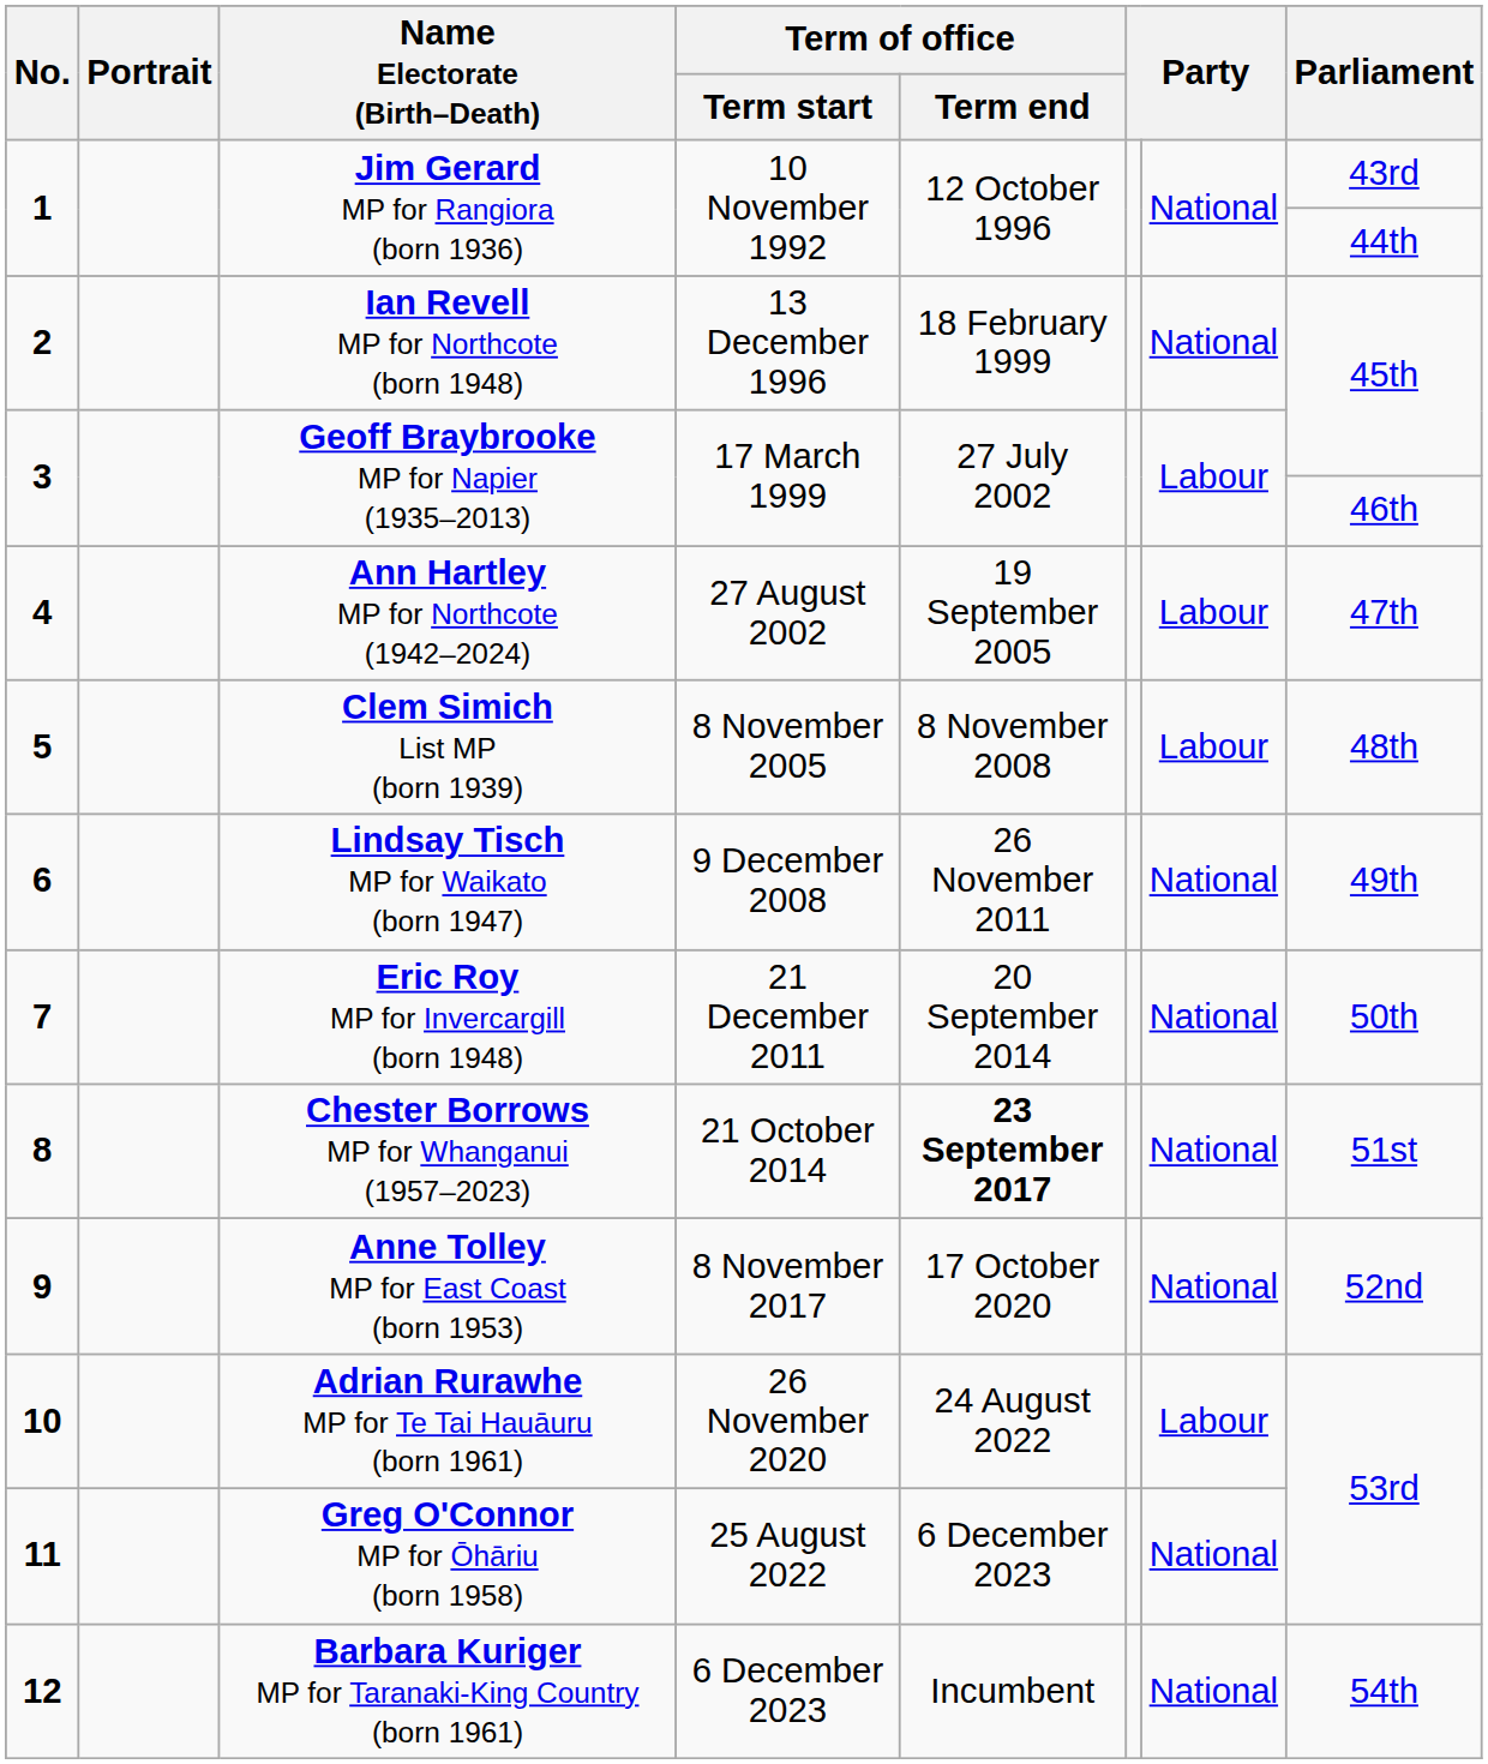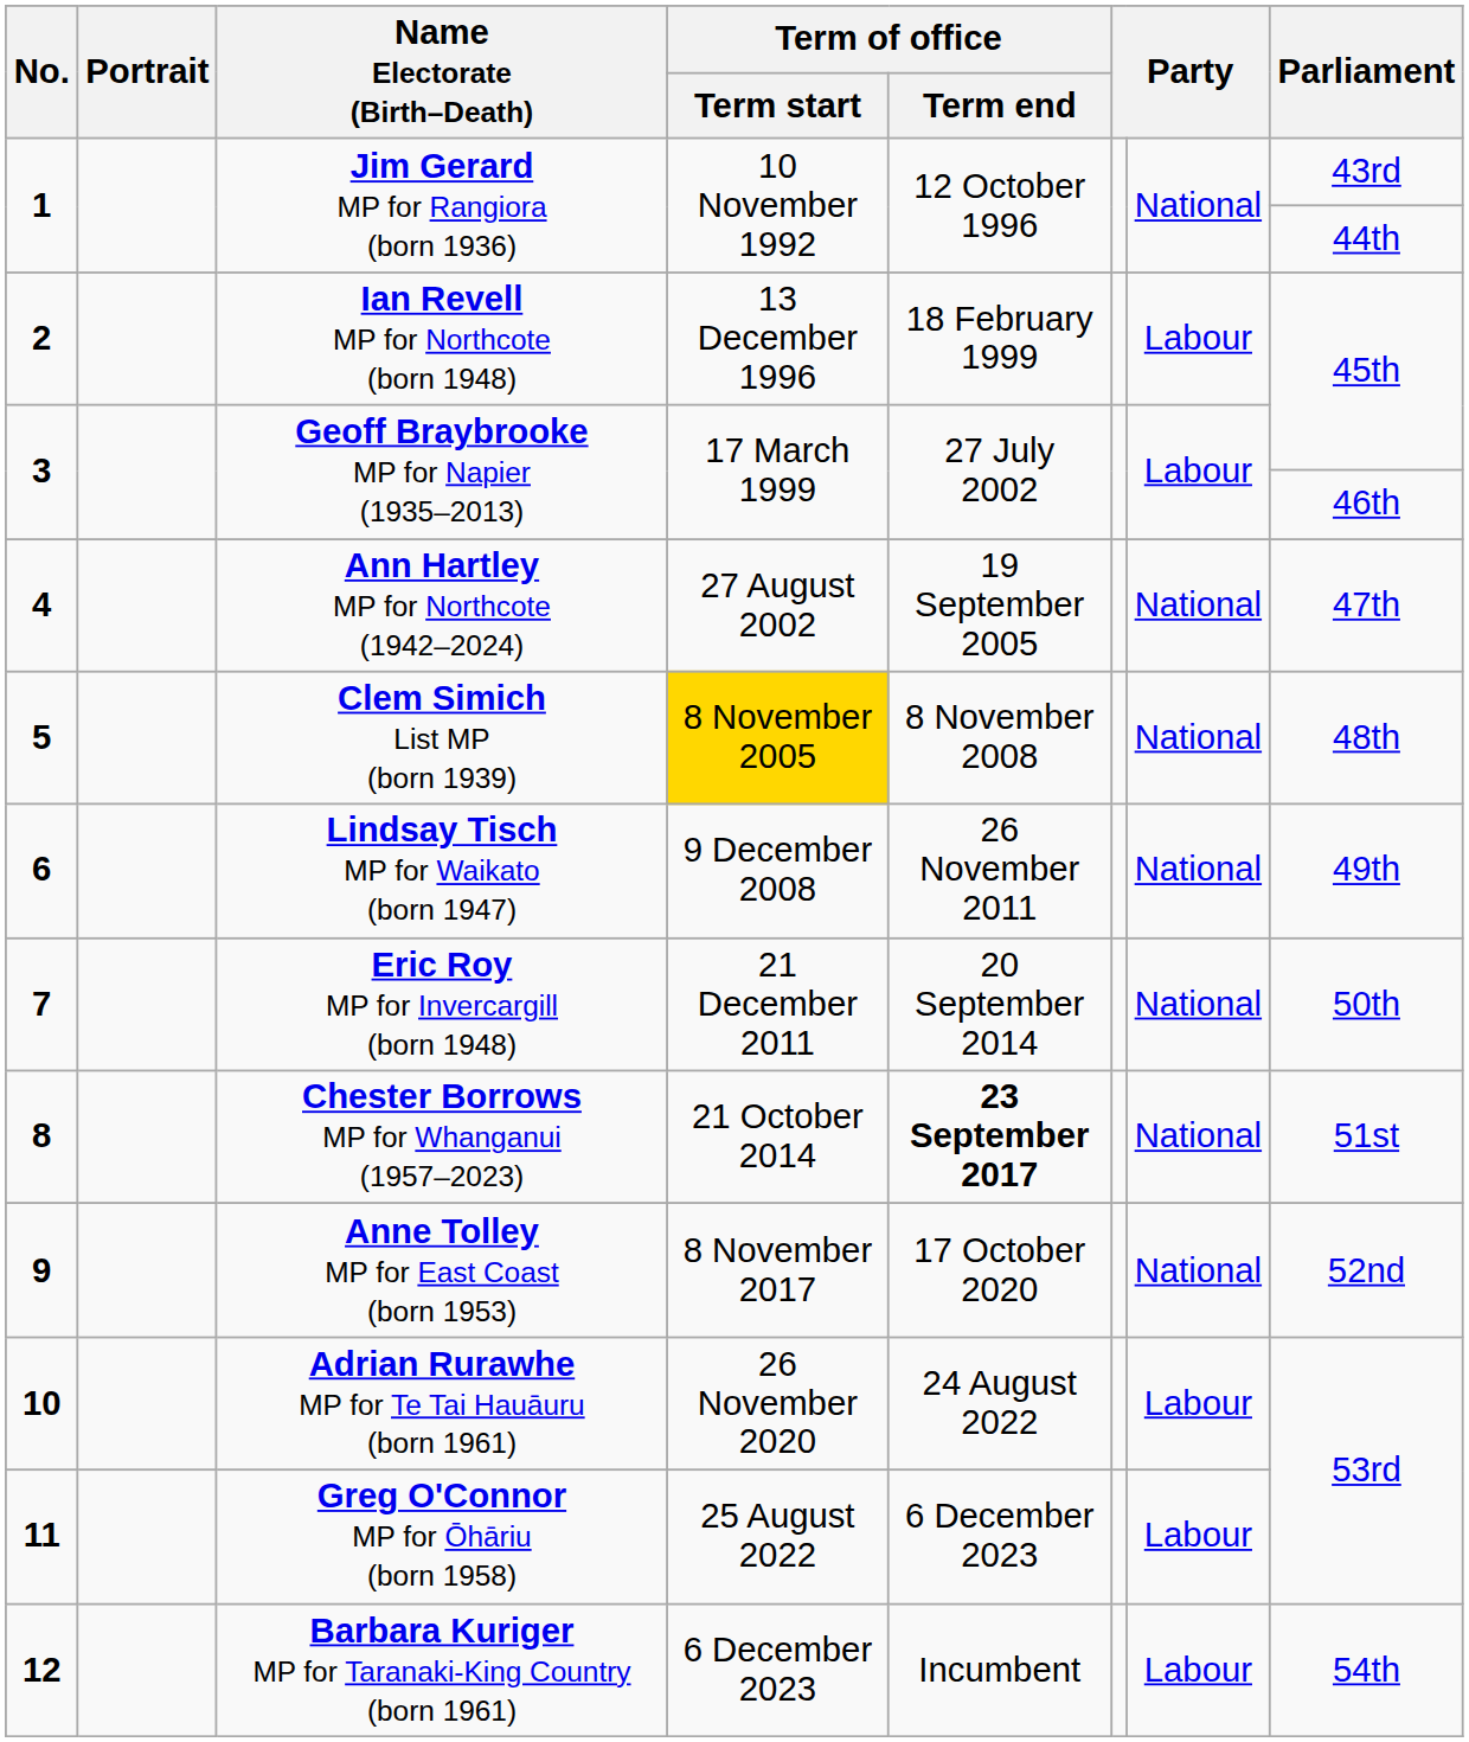 <table class="wikitable" style="text-align:center">
 <tr>
 <th rowspan="2">No.</th>
 <th rowspan="2" scope="col">Portrait</th>
 <th rowspan="2" scope="col" width="200px">Name<br><small>Electorate<br>(Birth–Death)</small></th>
 <th colspan="2" scope="col" width="100px">Term of office</th>
 <th colspan="2" rowspan="2">Party</th>
 <th rowspan="2">Parliament</th>
 </tr>
 <tr>
 <th width="95px">Term start</th>
 <th width="95px">Term end</th>
 </tr>
 <tr>
 <td rowspan="2"><strong>1</strong></td>
 <td rowspan="2"></td>
 <td rowspan="2"><strong><a href='#'>Jim Gerard</a></strong><br><small>MP for <a href='#'>Rangiora</a></small><br><small>(born 1936)</small></td>
 <td rowspan="2">10 November<br>1992</td>
 <td rowspan="2">12 October<br>1996</td>
 <td rowspan="2" style="background:"></td>
 <td rowspan="2"><a href='#'>National</a></td>
 <td><a href='#'>43rd</a></td>
 </tr>
 <tr>
 <td><a href='#'>44th</a></td>
 </tr>
 <tr>
 <td><strong>2</strong></td>
 <td></td>
 <td><strong><a href='#'>Ian Revell</a></strong><br><small>MP for <a href='#'>Northcote</a></small><br><small>(born 1948)</small></td>
 <td>13 December<br>1996</td>
 <td>18 February<br>1999</td>
 <td style="background:"></td>
-<td><a href='#'>National</a></td>
+<td><a href='#'>Labour</a></td>
 <td rowspan="2"><a href='#'>45th</a><wbr></td>
 </tr>
 <tr style="height:30px">
 <td rowspan="2"><strong>3</strong></td>
 <td rowspan="2"></td>
 <td rowspan="2"><strong><a href='#'>Geoff Braybrooke</a></strong><br><small>MP for <a href='#'>Napier</a></small><br><small>(1935–2013)</small></td>
 <td rowspan="2">17 March<br>1999</td>
 <td rowspan="2">27 July<br>2002</td>
 <td rowspan="2" style="background:"></td>
 <td rowspan="2"><a href='#'>Labour</a></td>
 </tr>
 <tr>
 <td><a href='#'>46th</a></td>
 </tr>
 <tr>
 <td><strong>4</strong></td>
 <td></td>
 <td><strong><a href='#'>Ann Hartley</a></strong><br><small>MP for <a href='#'>Northcote</a></small><br><small>(1942–2024)</small></td>
 <td>27 August<br>2002</td>
 <td>19 September<br>2005</td>
 <td style="background:"></td>
-<td><a href='#'>Labour</a></td>
+<td><a href='#'>National</a></td>
 <td><a href='#'>47th</a><wbr></td>
 </tr>
 <tr>
 <td><strong>5</strong></td>
 <td></td>
 <td><strong><a href='#'>Clem Simich</a></strong><br><small>List MP</small><br><small>(born 1939)</small></td>
-<td>8 November<br>2005</td>
+<td style="background: gold;">8 November<br>2005</td>
 <td>8 November<br>2008</td>
 <td style="background:"></td>
-<td><a href='#'>Labour</a></td>
+<td><a href='#'>National</a></td>
 <td><a href='#'>48th</a></td>
 </tr>
 <tr>
 <td><strong>6</strong></td>
 <td></td>
 <td><strong><a href='#'>Lindsay Tisch</a></strong><br><small>MP for <a href='#'>Waikato</a></small><br><small>(born 1947)</small></td>
 <td>9 December<br>2008</td>
 <td>26 November<br>2011</td>
 <td style="background:"></td>
 <td><a href='#'>National</a></td>
 <td><a href='#'>49th</a></td>
 </tr>
 <tr>
 <td><strong>7</strong></td>
 <td></td>
 <td><a href='#'><strong>Eric Roy</strong></a><br><small>MP for <a href='#'>Invercargill</a></small><br><small>(born 1948)</small></td>
 <td>21 December<br>2011</td>
 <td>20 September<br>2014</td>
 <td style="background:"></td>
 <td><a href='#'>National</a></td>
 <td><a href='#'>50th</a></td>
 </tr>
 <tr>
 <td><strong>8</strong></td>
 <td></td>
 <td><strong><a href='#'>Chester Borrows</a></strong><br><small>MP for <a href='#'>Whanganui</a></small><br><small>(1957–2023)</small></td>
 <td>21 October<br>2014</td>
 <td><strong>23 September<br>2017</strong></td>
 <td style="background:"></td>
 <td><a href='#'>National</a></td>
 <td><a href='#'>51st</a></td>
 </tr>
 <tr>
 <td><strong>9</strong></td>
 <td></td>
 <td><strong><a href='#'>Anne Tolley</a></strong><br><small>MP for <a href='#'>East Coast</a></small><br><small>(born 1953)</small></td>
 <td>8 November<br>2017</td>
 <td>17 October<br>2020</td>
 <td style="background:"></td>
 <td><a href='#'>National</a></td>
 <td><a href='#'>52nd</a></td>
 </tr>
 <tr>
 <td><strong>10</strong></td>
 <td></td>
 <td><strong><a href='#'>Adrian Rurawhe</a></strong><small><br>MP for <a href='#'>Te Tai Hauāuru</a></small><br><small>(born 1961)</small></td>
 <td>26 November<br>2020</td>
 <td>24 August<br>2022</td>
 <td style="background:"></td>
 <td><a href='#'>Labour</a></td>
 <td rowspan="2"><a href='#'>53rd</a></td>
 </tr>
 <tr>
 <td><strong>11</strong></td>
 <td></td>
 <td><a href='#'><strong>Greg O'Connor</strong></a><small><br>MP for <a href='#'>Ōhāriu</a></small><br><small>(born 1958)</small></td>
 <td>25 August<br>2022</td>
 <td>6 December<br>2023</td>
 <td style="background:"></td>
-<td><a href='#'>National</a></td>
+<td><a href='#'>Labour</a></td>
 </tr>
 <tr>
 <td><strong>12</strong></td>
 <td></td>
 <td><strong><a href='#'>Barbara Kuriger</a></strong><small><br>MP for <a href='#'>Taranaki-King Country</a></small><br><small>(born 1961)</small></td>
 <td>6 December<br>2023</td>
 <td>Incumbent</td>
 <td style="background:"></td>
-<td><a href='#'>National</a></td>
+<td><a href='#'>Labour</a></td>
 <td><a href='#'>54th</a></td>
 </tr>
 </table>
